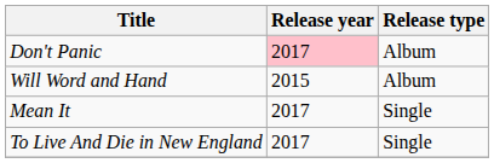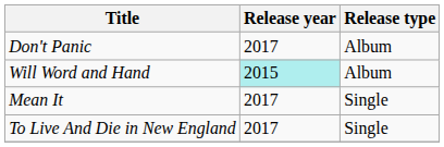 <table class="wikitable sortable">
 <tr>
 <th>Title</th>
 <th>Release year</th>
 <th>Release type</th>
 </tr>
 <tr>
 <td><em>Don't Panic</em></td>
-<td style="background: pink;">2017</td>
+<td>2017</td>
 <td>Album</td>
 </tr>
 <tr>
 <td><em>Will Word and Hand</em></td>
-<td>2015</td>
+<td style="background: paleturquoise;">2015</td>
 <td>Album</td>
 </tr>
 <tr>
 <td><em>Mean It </em></td>
 <td>2017</td>
 <td>Single</td>
 </tr>
 <tr>
 <td><em>To Live And Die in New England</em></td>
 <td>2017</td>
 <td>Single</td>
 </tr>
 <tr>
 </tr>
 </table>
